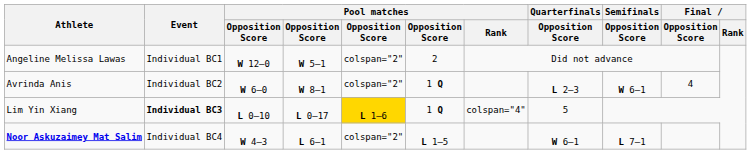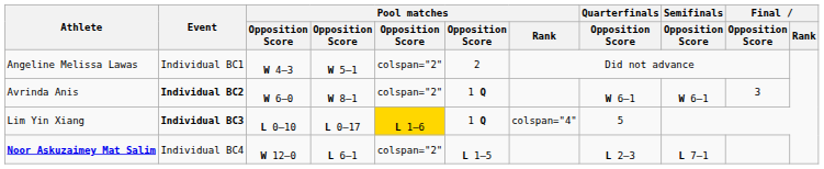 <table class=wikitable style="font-size:90%">
 <tr>
 <th rowspan="2">Athlete</th>
 <th rowspan="2">Event</th>
 <th colspan="5">Pool matches</th>
 <th>Quarterfinals</th>
 <th>Semifinals</th>
 <th colspan=2>Final / </th>
 </tr>
 <tr>
 <th>Opposition<br>Score</th>
 <th>Opposition<br>Score</th>
 <th>Opposition<br>Score</th>
 <th>Opposition<br>Score</th>
 <th>Rank</th>
 <th>Opposition<br>Score</th>
 <th>Opposition<br>Score</th>
 <th>Opposition<br>Score</th>
 <th>Rank</th>
 </tr>
 <tr align=center>
 <td align=left>Angeline Melissa Lawas</td>
 <td align=left>Individual BC1</td>
-<td><br><strong>W</strong> 12–0</td>
+<td><br><strong>W</strong> 4–3</td>
 <td><br><strong>W</strong> 5–1</td>
 <td>colspan="2"</td>
 <td>2</td>
 <td colspan="4">Did not advance</td>
 </tr>
 <tr align=center>
 <td align=left>Avrinda Anis</td>
-<td align=left>Individual BC2</td>
+<td align=left><strong>Individual BC2</strong></td>
 <td><br><strong>W</strong> 6–0</td>
 <td><br><strong>W</strong> 8–1</td>
 <td>colspan="2"</td>
 <td>1 <strong>Q</strong></td>
 <td></td>
-<td><br><strong>L</strong> 2–3</td>
 <td><br><strong>W</strong> 6–1</td>
-<td>4</td>
+<td><br><strong>W</strong> 6–1</td>
+<td>3</td>
 </tr>
 <tr align=center>
 <td align=left>Lim Yin Xiang</td>
 <td align=left><strong>Individual BC3</strong></td>
 <td><br><strong>L</strong> 0–10</td>
 <td><br><strong>L</strong> 0–17</td>
 <td style="background: gold;"><br><strong>L</strong> 1–6</td>
 <td>1 <strong>Q</strong></td>
 <td>colspan="4" </td>
 <td>5</td>
 </tr>
 <tr align=center>
 <td align=left><strong><a href='#'>Noor Askuzaimey Mat Salim</a></strong></td>
 <td align=left>Individual BC4</td>
-<td><br><strong>W</strong> 4–3</td>
+<td><br><strong>W</strong> 12–0</td>
 <td><br><strong>L</strong> 6–1</td>
 <td>colspan="2" </td>
 <td><br><strong>L</strong> 1–5</td>
 <td></td>
-<td><br><strong>W</strong> 6–1</td>
+<td><br><strong>L</strong> 2–3</td>
 <td><br><strong>L</strong> 7–1</td>
 <td></td>
 </tr>
 </table>
